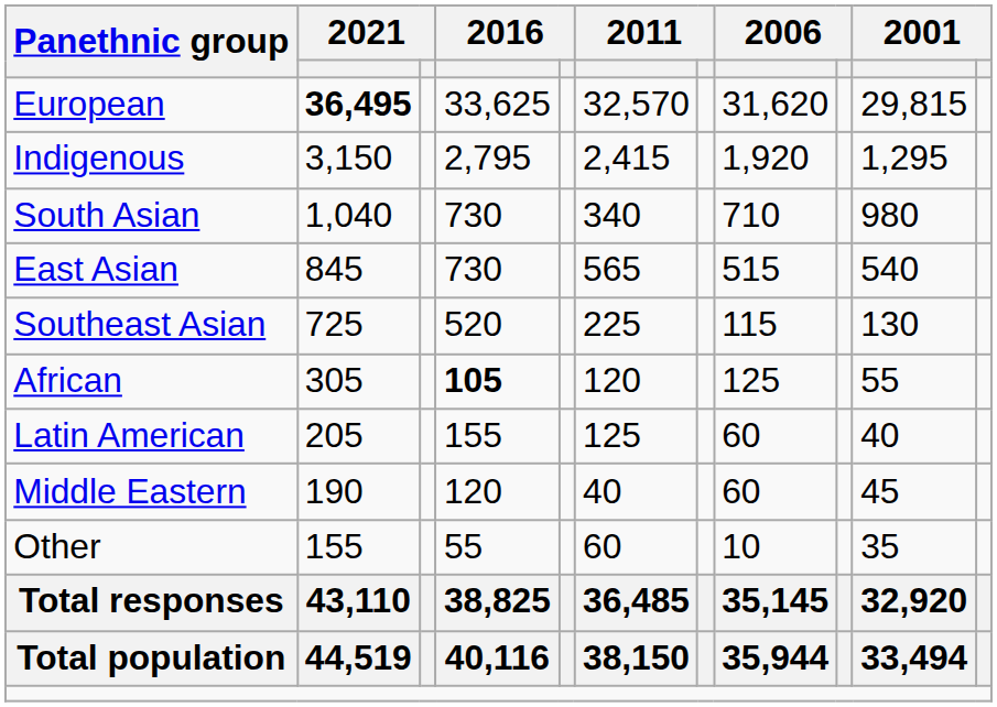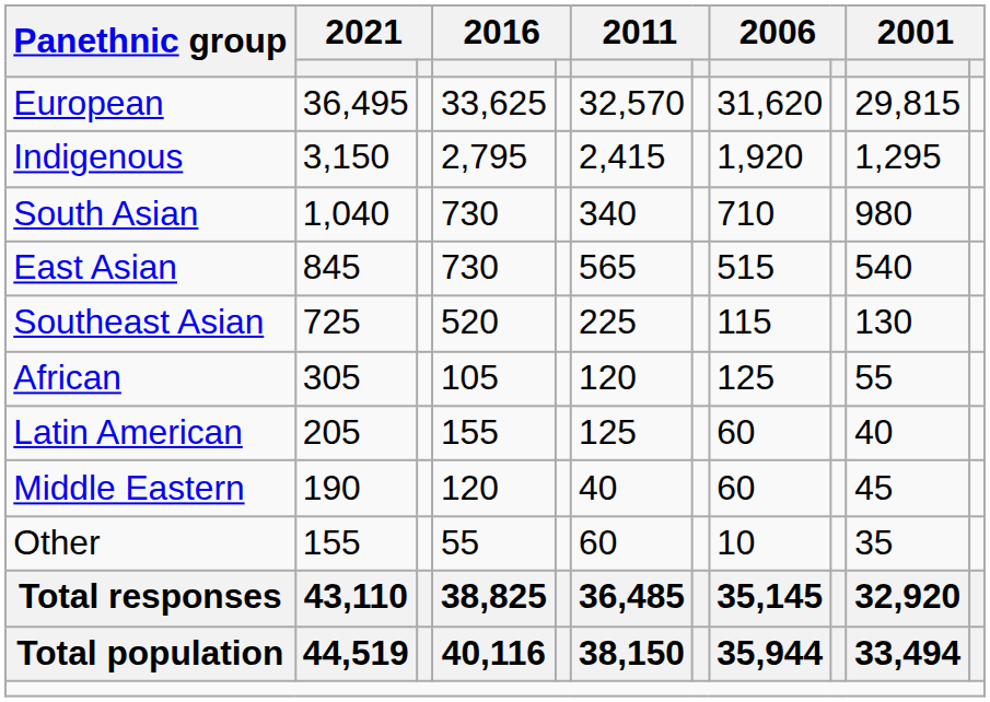 <table class="wikitable collapsible sortable">
 <tr>
 <th rowspan="2"><a href='#'>Panethnic</a> group</th>
 <th colspan="2">2021</th>
 <th colspan="2">2016</th>
 <th colspan="2">2011</th>
 <th colspan="2">2006</th>
 <th colspan="2">2001</th>
 </tr>
 <tr>
 <th><a href='#'></a></th>
 <th></th>
 <th></th>
 <th></th>
 <th></th>
 <th></th>
 <th></th>
 <th></th>
 <th></th>
 <th></th>
 </tr>
 <tr>
 <td><a href='#'>European</a></td>
-<td><strong>36,495</strong></td>
+<td>36,495</td>
 <td></td>
 <td>33,625</td>
 <td></td>
 <td>32,570</td>
 <td></td>
 <td>31,620</td>
 <td></td>
 <td>29,815</td>
 <td></td>
 </tr>
 <tr>
 <td><a href='#'>Indigenous</a></td>
 <td>3,150</td>
 <td></td>
 <td>2,795</td>
 <td></td>
 <td>2,415</td>
 <td></td>
 <td>1,920</td>
 <td></td>
 <td>1,295</td>
 <td></td>
 </tr>
 <tr>
 <td><a href='#'>South Asian</a></td>
 <td>1,040</td>
 <td></td>
 <td>730</td>
 <td></td>
 <td>340</td>
 <td></td>
 <td>710</td>
 <td></td>
 <td>980</td>
 <td></td>
 </tr>
 <tr>
 <td><a href='#'>East Asian</a></td>
 <td>845</td>
 <td></td>
 <td>730</td>
 <td></td>
 <td>565</td>
 <td></td>
 <td>515</td>
 <td></td>
 <td>540</td>
 <td></td>
 </tr>
 <tr>
 <td><a href='#'>Southeast Asian</a></td>
 <td>725</td>
 <td></td>
 <td>520</td>
 <td></td>
 <td>225</td>
 <td></td>
 <td>115</td>
 <td></td>
 <td>130</td>
 <td></td>
 </tr>
 <tr>
 <td><a href='#'>African</a></td>
 <td>305</td>
 <td></td>
-<td><strong>105</strong></td>
+<td>105</td>
 <td></td>
 <td>120</td>
 <td></td>
 <td>125</td>
 <td></td>
 <td>55</td>
 <td></td>
 </tr>
 <tr>
 <td><a href='#'>Latin American</a></td>
 <td>205</td>
 <td></td>
 <td>155</td>
 <td></td>
 <td>125</td>
 <td></td>
 <td>60</td>
 <td></td>
 <td>40</td>
 <td></td>
 </tr>
 <tr>
 <td><a href='#'>Middle Eastern</a></td>
 <td>190</td>
 <td></td>
 <td>120</td>
 <td></td>
 <td>40</td>
 <td></td>
 <td>60</td>
 <td></td>
 <td>45</td>
 <td></td>
 </tr>
 <tr>
 <td>Other</td>
 <td>155</td>
 <td></td>
 <td>55</td>
 <td></td>
 <td>60</td>
 <td></td>
 <td>10</td>
 <td></td>
 <td>35</td>
 <td></td>
 </tr>
 <tr>
 <th>Total responses</th>
 <th>43,110</th>
 <th></th>
 <th>38,825</th>
 <th></th>
 <th>36,485</th>
 <th></th>
 <th>35,145</th>
 <th></th>
 <th>32,920</th>
 <th></th>
 </tr>
 <tr>
 <th>Total population</th>
 <th>44,519</th>
 <th></th>
 <th>40,116</th>
 <th></th>
 <th>38,150</th>
 <th></th>
 <th>35,944</th>
 <th></th>
 <th>33,494</th>
 <th></th>
 </tr>
 <tr>
 <td colspan="11"></td>
 </tr>
 </table>
